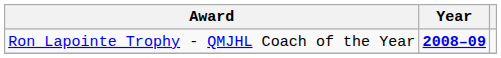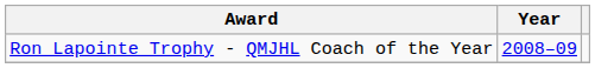 <table class="wikitable">
 <tr>
 <th>Award</th>
 <th>Year</th>
 <th></th>
 </tr>
 <tr>
 <td><a href='#'>Ron Lapointe Trophy</a> - <a href='#'>QMJHL</a> Coach of the Year</td>
-<td><strong><a href='#'>2008–09</a></strong></td>
+<td><a href='#'>2008–09</a></td>
 <td></td>
 </tr>
 <tr>
 </tr>
 </table>
